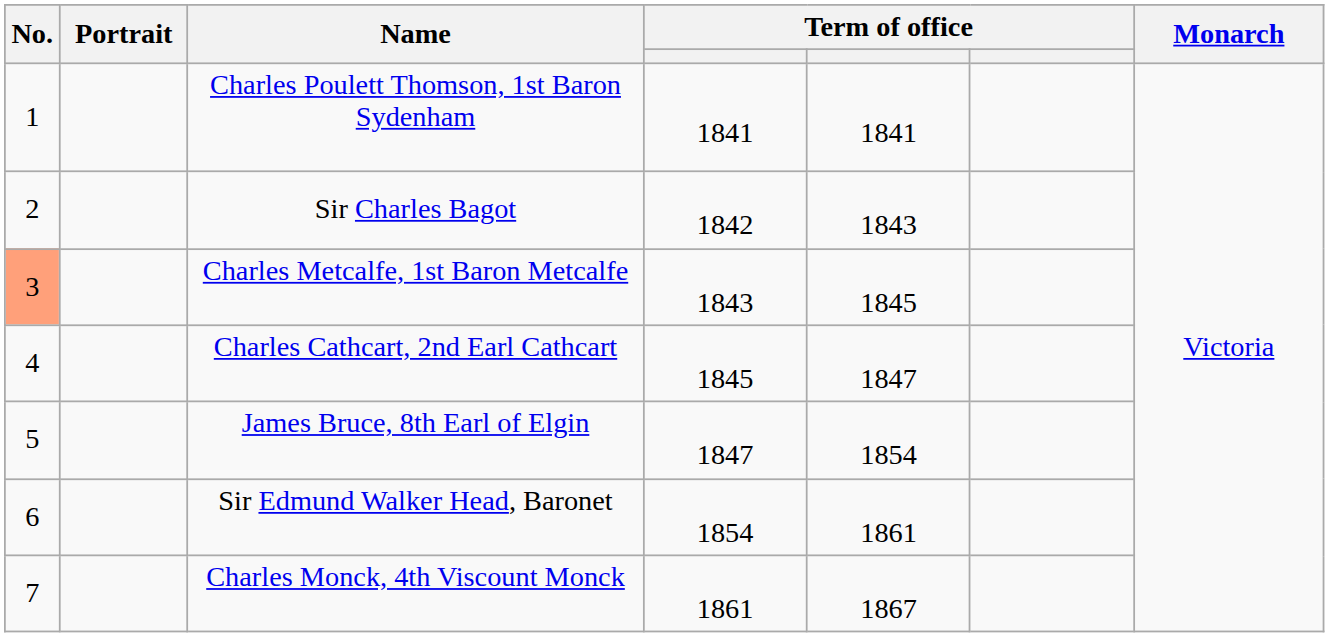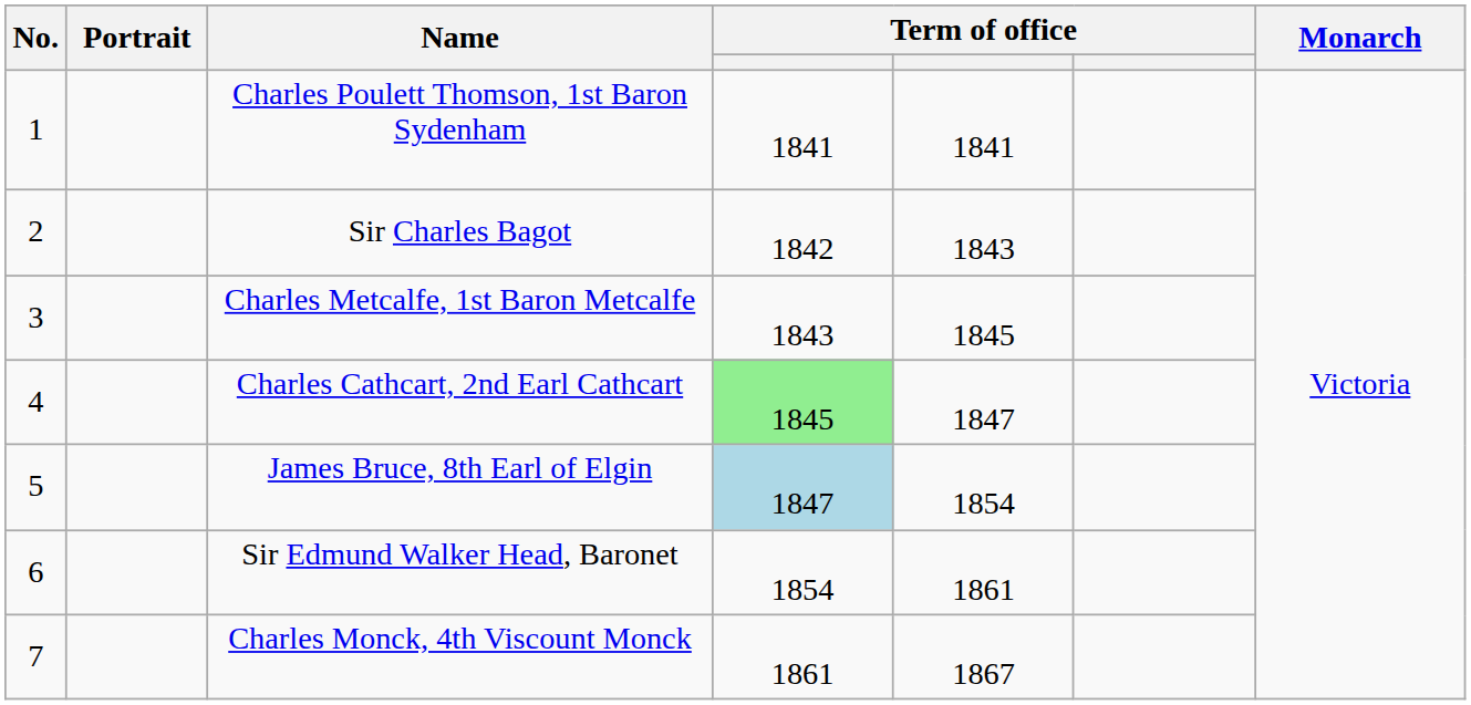 <table class="wikitable sortable sticky-header-multi" style="text-align:center; border:1px #aaf solid;">
 <tr>
 <th rowspan="2">No.</th>
 <th rowspan="2" width="65">Portrait</th>
 <th rowspan="2" width="250">Name<br></th>
 <th colspan="3">Term of office</th>
 <th rowspan="2" width="100"><a href='#'>Monarch</a><br></th>
 </tr>
 <tr>
 <th width="85"></th>
 <th width="85"></th>
 <th width="85"></th>
 </tr>
 <tr>
 <td>1</td>
 <td></td>
 <td><a href='#'>Charles Poulett Thomson, 1st Baron Sydenham</a><br><br></td>
 <td><br>1841</td>
 <td><br>1841</td>
 <td></td>
 <td rowspan="7"><a href='#'>Victoria</a><br></td>
 </tr>
 <tr>
 <td>2</td>
 <td></td>
 <td>Sir <a href='#'>Charles Bagot</a><br></td>
 <td><br>1842</td>
 <td><br>1843</td>
 <td></td>
 </tr>
 <tr>
-<td style="background: lightsalmon;">3</td>
+<td>3</td>
 <td></td>
 <td><a href='#'>Charles Metcalfe, 1st Baron Metcalfe</a><br><br></td>
 <td><br>1843</td>
 <td><br>1845</td>
 <td></td>
 </tr>
 <tr>
 <td>4</td>
 <td></td>
 <td><a href='#'>Charles Cathcart, 2nd Earl Cathcart</a><br><br></td>
-<td><br>1845</td>
+<td style="background: lightgreen;"><br>1845</td>
 <td><br>1847</td>
 <td></td>
 </tr>
 <tr>
 <td>5</td>
 <td></td>
 <td><a href='#'>James Bruce, 8th Earl of Elgin</a><br><br></td>
-<td><br>1847</td>
+<td style="background: lightblue;"><br>1847</td>
 <td><br>1854</td>
 <td></td>
 </tr>
 <tr>
 <td>6</td>
 <td></td>
 <td>Sir <a href='#'>Edmund Walker Head</a>, Baronet<br><br></td>
 <td><br>1854</td>
 <td><br>1861</td>
 <td></td>
 </tr>
 <tr>
 <td>7</td>
 <td></td>
 <td><a href='#'>Charles Monck, 4th Viscount Monck</a><br><br></td>
 <td><br>1861</td>
 <td><br>1867</td>
 <td></td>
 </tr>
 </table>
